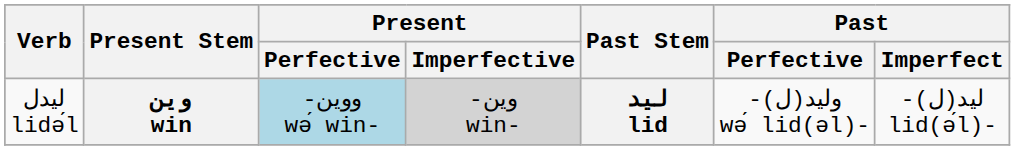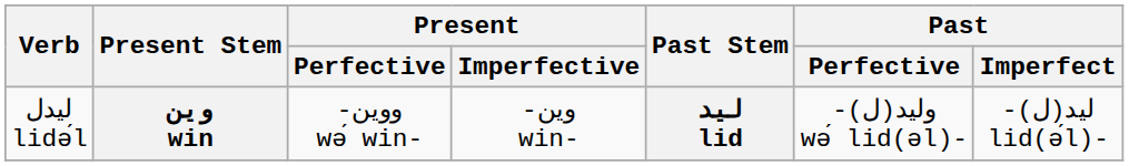 <table class="wikitable" style="text-align: center">
 <tr>
 <th rowspan="2">Verb</th>
 <th rowspan="2">Present Stem</th>
 <th colspan="2">Present</th>
 <th rowspan="2">Past Stem</th>
 <th colspan="2">Past</th>
 </tr>
 <tr>
 <th>Perfective</th>
 <th>Imperfective</th>
 <th>Perfective</th>
 <th>Imperfect</th>
 </tr>
 <tr>
 <td>لیدل<br>lidә́l</td>
 <th>وین <br> win</th>
-<td style="background: lightblue;">-ووین<br>wә́ win-</td>
-<td style="background: lightgrey;">-وین<br>win-</td>
+<td>-ووین<br>wә́ win-</td>
+<td>-وین<br>win-</td>
 <th>لید<br>lid</th>
 <td>-(ولید(ل<br>wә́ lid(əl)-</td>
 <td>-(لید(ل<br>lid(ә́l)-</td>
 </tr>
 </table>
